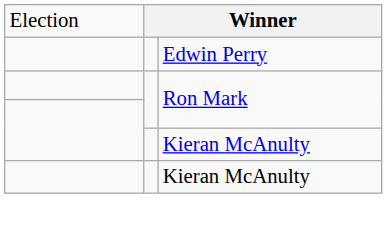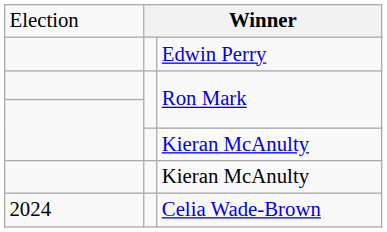 <table class=wikitable>
 <tr>
 <td width=100>Election</td>
 <th width=175 colspan=2>Winner</th>
 </tr>
 <tr>
 <td></td>
 <td></td>
 <td><a href='#'>Edwin Perry</a></td>
 </tr>
 <tr>
 <td></td>
 <td height=15 style="border-bottom:solid 0 grey; background:"></td>
 <td rowspan=2><a href='#'>Ron Mark</a></td>
 </tr>
 <tr>
 <td rowspan=2></td>
 <td height=15 style="border-top:solid 0 grey; background:"></td>
 </tr>
 <tr>
 <td></td>
 <td><a href='#'>Kieran McAnulty</a></td>
 </tr>
 <tr>
 <td></td>
 <td></td>
 <td>Kieran McAnulty</td>
 </tr>
+<tr>
+<td>2024 </td>
+<td></td>
+<td><a href='#'>Celia Wade-Brown</a></td>
+</tr>
 </table>
